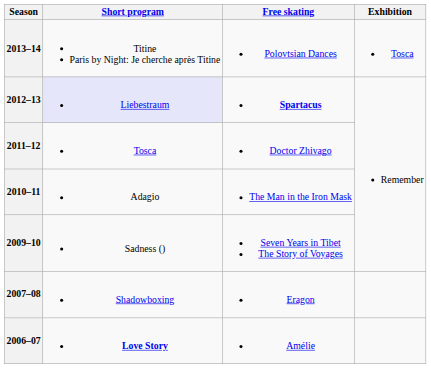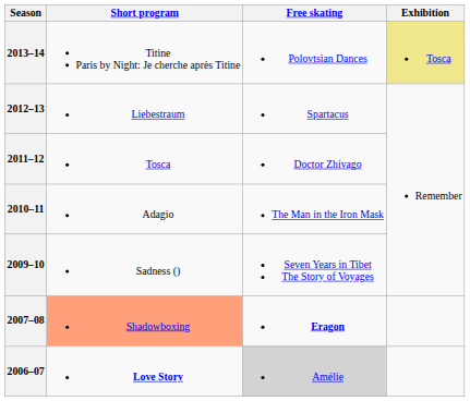 <table class="wikitable" style="text-align:center">
 <tr>
 <th>Season</th>
 <th><a href='#'>Short program</a></th>
 <th><a href='#'>Free skating</a></th>
 <th>Exhibition</th>
 </tr>
 <tr>
 <th>2013–14 <br> </th>
 <td><br><ul><li>Titine <br></li><li>Paris by Night: Je cherche après Titine <br></li></ul></td>
 <td><br><ul><li><a href='#'>Polovtsian Dances</a> <br></li></ul></td>
-<td><br><ul><li><a href='#'>Tosca</a> <br></li></ul></td>
+<td style="background: khaki;"><br><ul><li><a href='#'>Tosca</a> <br></li></ul></td>
 </tr>
 <tr>
 <th>2012–13 <br> </th>
-<td style="background: lavender;"><br><ul><li><a href='#'>Liebestraum</a> <br></li></ul></td>
-<td><strong><br><ul><li><a href='#'>Spartacus</a> <br></li></ul></strong></td>
+<td><br><ul><li><a href='#'>Liebestraum</a> <br></li></ul></td>
+<td><br><ul><li><a href='#'>Spartacus</a> <br></li></ul></td>
 <td rowspan=4><br><ul><li>Remember <br></li></ul></td>
 </tr>
 <tr>
 <th>2011–12 <br> </th>
 <td><br><ul><li><a href='#'>Tosca</a> <br></li></ul></td>
 <td><br><ul><li><a href='#'>Doctor Zhivago</a> <br></li></ul></td>
 </tr>
 <tr>
 <th>2010–11 <br> </th>
 <td><br><ul><li>Adagio <br></li></ul></td>
 <td><br><ul><li><a href='#'>The Man in the Iron Mask</a> <br></li></ul></td>
 </tr>
 <tr>
 <th>2009–10 <br> </th>
 <td><br><ul><li>Sadness () <br></li></ul></td>
 <td><br><ul><li><a href='#'>Seven Years in Tibet</a> <br></li><li><a href='#'>The Story of Voyages</a> <br></li></ul></td>
 </tr>
 <tr>
 <th>2007–08 <br> </th>
-<td><br><ul><li><a href='#'>Shadowboxing</a> <br></li></ul></td>
-<td><br><ul><li><a href='#'>Eragon</a> <br></li></ul></td>
+<td style="background: lightsalmon;"><br><ul><li><a href='#'>Shadowboxing</a> <br></li></ul></td>
+<td><strong><br><ul><li><a href='#'>Eragon</a> <br></li></ul></strong></td>
 <td></td>
 </tr>
 <tr>
 <th>2006–07 <br> </th>
 <td><strong><br><ul><li><a href='#'>Love Story</a> <br></li></ul></strong></td>
-<td><br><ul><li><a href='#'>Amélie</a> <br></li></ul></td>
+<td style="background: lightgrey;"><br><ul><li><a href='#'>Amélie</a> <br></li></ul></td>
 <td></td>
 </tr>
 </table>
